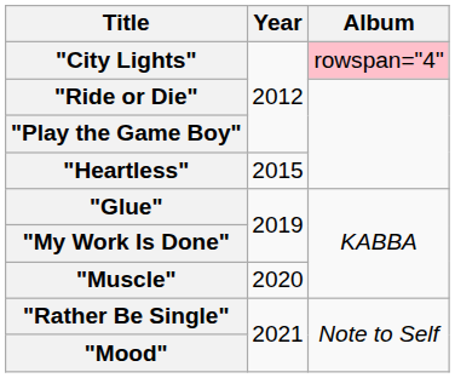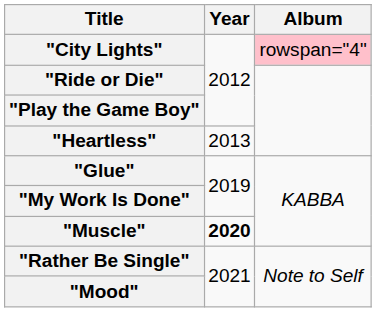 <table class="wikitable plainrowheaders" style="text-align:center;">
 <tr>
 <th scope="col">Title</th>
 <th scope="col">Year</th>
 <th scope="col">Album</th>
 </tr>
 <tr>
 <th scope="row">"City Lights"<br></th>
 <td rowspan="3">2012</td>
 <td style="background: pink;">rowspan="4" </td>
 </tr>
 <tr>
 <th scope="row">"Ride or Die"</th>
 </tr>
 <tr>
 <th scope="row">"Play the Game Boy"</th>
 </tr>
 <tr>
 <th scope="row">"Heartless"</th>
-<td>2015</td>
+<td>2013</td>
 </tr>
 <tr>
 <th scope="row">"Glue"<br></th>
 <td rowspan="2">2019</td>
 <td rowspan="3"><em>KABBA</em></td>
 </tr>
 <tr>
 <th scope="row">"My Work Is Done"</th>
 </tr>
 <tr>
 <th scope="row">"Muscle"</th>
-<td>2020</td>
+<td><strong>2020</strong></td>
 </tr>
 <tr>
 <th scope="row">"Rather Be Single"</th>
 <td rowspan="2">2021</td>
 <td rowspan="2"><em>Note to Self</em></td>
 </tr>
 <tr>
 <th scope="row">"Mood"</th>
 </tr>
 </table>
